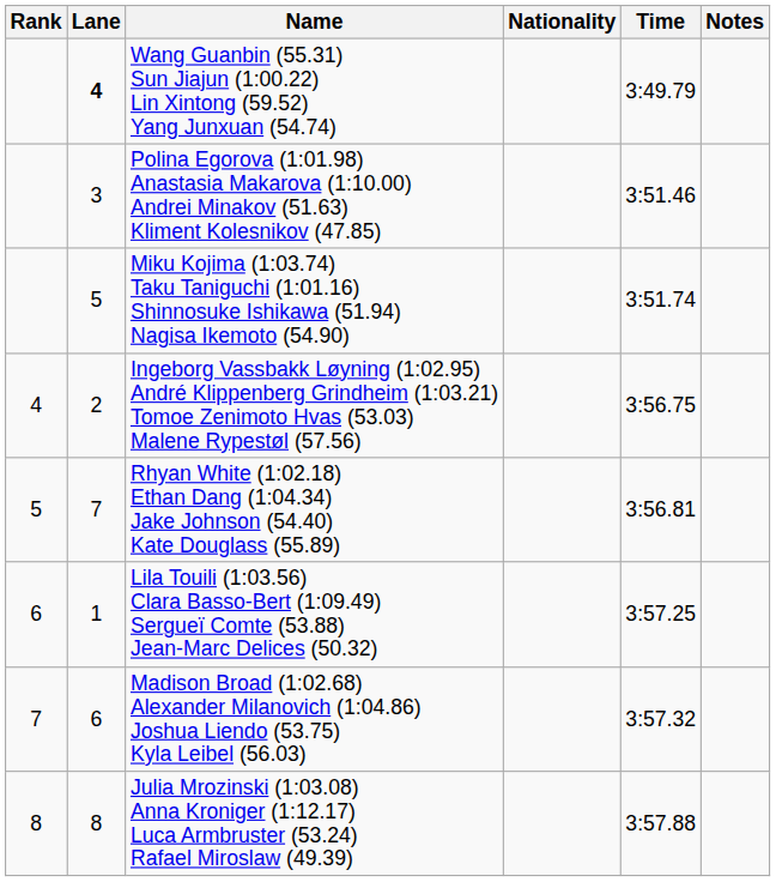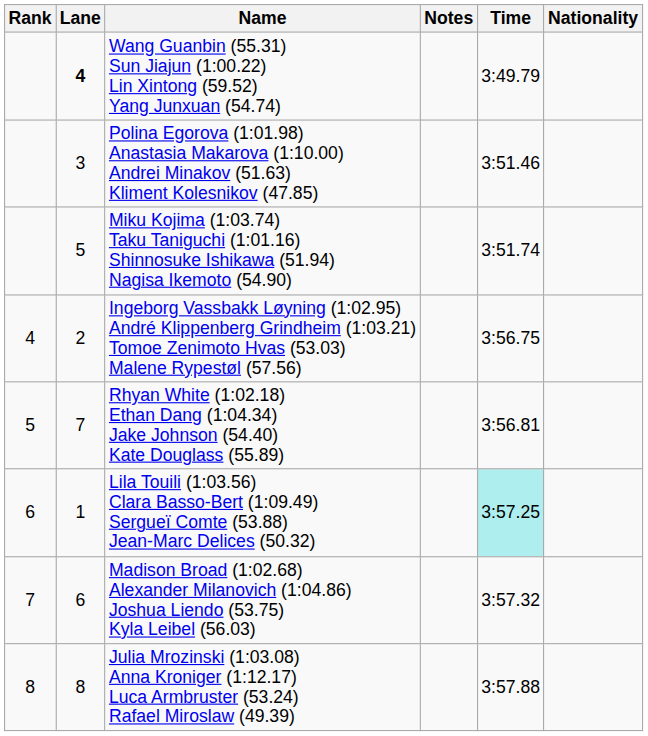 <table class="wikitable sortable" style="text-align:center">
 <tr>
 <th>Rank</th>
 <th>Lane</th>
 <th>Name</th>
+<th>Notes</th>
+<th>Time</th>
 <th>Nationality</th>
-<th>Time</th>
-<th>Notes</th>
 </tr>
 <tr>
 <td></td>
 <td><strong>4</strong></td>
 <td align=left><a href='#'>Wang Guanbin</a> (55.31)<br><a href='#'>Sun Jiajun</a> (1:00.22)<br><a href='#'>Lin Xintong</a> (59.52)<br><a href='#'>Yang Junxuan</a> (54.74)</td>
+<td></td>
+<td>3:49.79</td>
 <td align=left></td>
-<td>3:49.79</td>
-<td></td>
 </tr>
 <tr>
 <td></td>
 <td>3</td>
 <td align=left><a href='#'>Polina Egorova</a> (1:01.98)<br><a href='#'>Anastasia Makarova</a> (1:10.00)<br><a href='#'>Andrei Minakov</a> (51.63)<br><a href='#'>Kliment Kolesnikov</a> (47.85)</td>
+<td></td>
+<td>3:51.46</td>
 <td align=left></td>
-<td>3:51.46</td>
-<td></td>
 </tr>
 <tr>
 <td></td>
 <td>5</td>
 <td align=left><a href='#'>Miku Kojima</a> (1:03.74)<br><a href='#'>Taku Taniguchi</a> (1:01.16)<br><a href='#'>Shinnosuke Ishikawa</a> (51.94)<br><a href='#'>Nagisa Ikemoto</a> (54.90)</td>
+<td></td>
+<td>3:51.74</td>
 <td align=left></td>
-<td>3:51.74</td>
-<td></td>
 </tr>
 <tr>
 <td>4</td>
 <td>2</td>
 <td align=left><a href='#'>Ingeborg Vassbakk Løyning</a> (1:02.95)<br><a href='#'>André Klippenberg Grindheim</a> (1:03.21)<br><a href='#'>Tomoe Zenimoto Hvas</a> (53.03)<br><a href='#'>Malene Rypestøl</a> (57.56)</td>
+<td></td>
+<td>3:56.75</td>
 <td align=left></td>
-<td>3:56.75</td>
-<td></td>
 </tr>
 <tr>
 <td>5</td>
 <td>7</td>
 <td align=left><a href='#'>Rhyan White</a> (1:02.18)<br><a href='#'>Ethan Dang</a> (1:04.34)<br><a href='#'>Jake Johnson</a> (54.40)<br><a href='#'>Kate Douglass</a> (55.89)</td>
+<td></td>
+<td>3:56.81</td>
 <td align=left></td>
-<td>3:56.81</td>
-<td></td>
 </tr>
 <tr>
 <td>6</td>
 <td>1</td>
 <td align=left><a href='#'>Lila Touili</a> (1:03.56)<br><a href='#'>Clara Basso-Bert</a> (1:09.49)<br><a href='#'>Sergueï Comte</a> (53.88)<br><a href='#'>Jean-Marc Delices</a> (50.32)</td>
+<td></td>
+<td style="background: paleturquoise;">3:57.25</td>
 <td align=left></td>
-<td>3:57.25</td>
-<td></td>
 </tr>
 <tr>
 <td>7</td>
 <td>6</td>
 <td align=left><a href='#'>Madison Broad</a> (1:02.68)<br><a href='#'>Alexander Milanovich</a> (1:04.86)<br><a href='#'>Joshua Liendo</a> (53.75)<br><a href='#'>Kyla Leibel</a> (56.03)</td>
+<td></td>
+<td>3:57.32</td>
 <td align=left></td>
-<td>3:57.32</td>
-<td></td>
 </tr>
 <tr>
 <td>8</td>
 <td>8</td>
 <td align=left><a href='#'>Julia Mrozinski</a> (1:03.08)<br><a href='#'>Anna Kroniger</a> (1:12.17)<br><a href='#'>Luca Armbruster</a> (53.24)<br><a href='#'>Rafael Miroslaw</a> (49.39)</td>
+<td></td>
+<td>3:57.88</td>
 <td align=left></td>
-<td>3:57.88</td>
-<td></td>
 </tr>
 </table>
